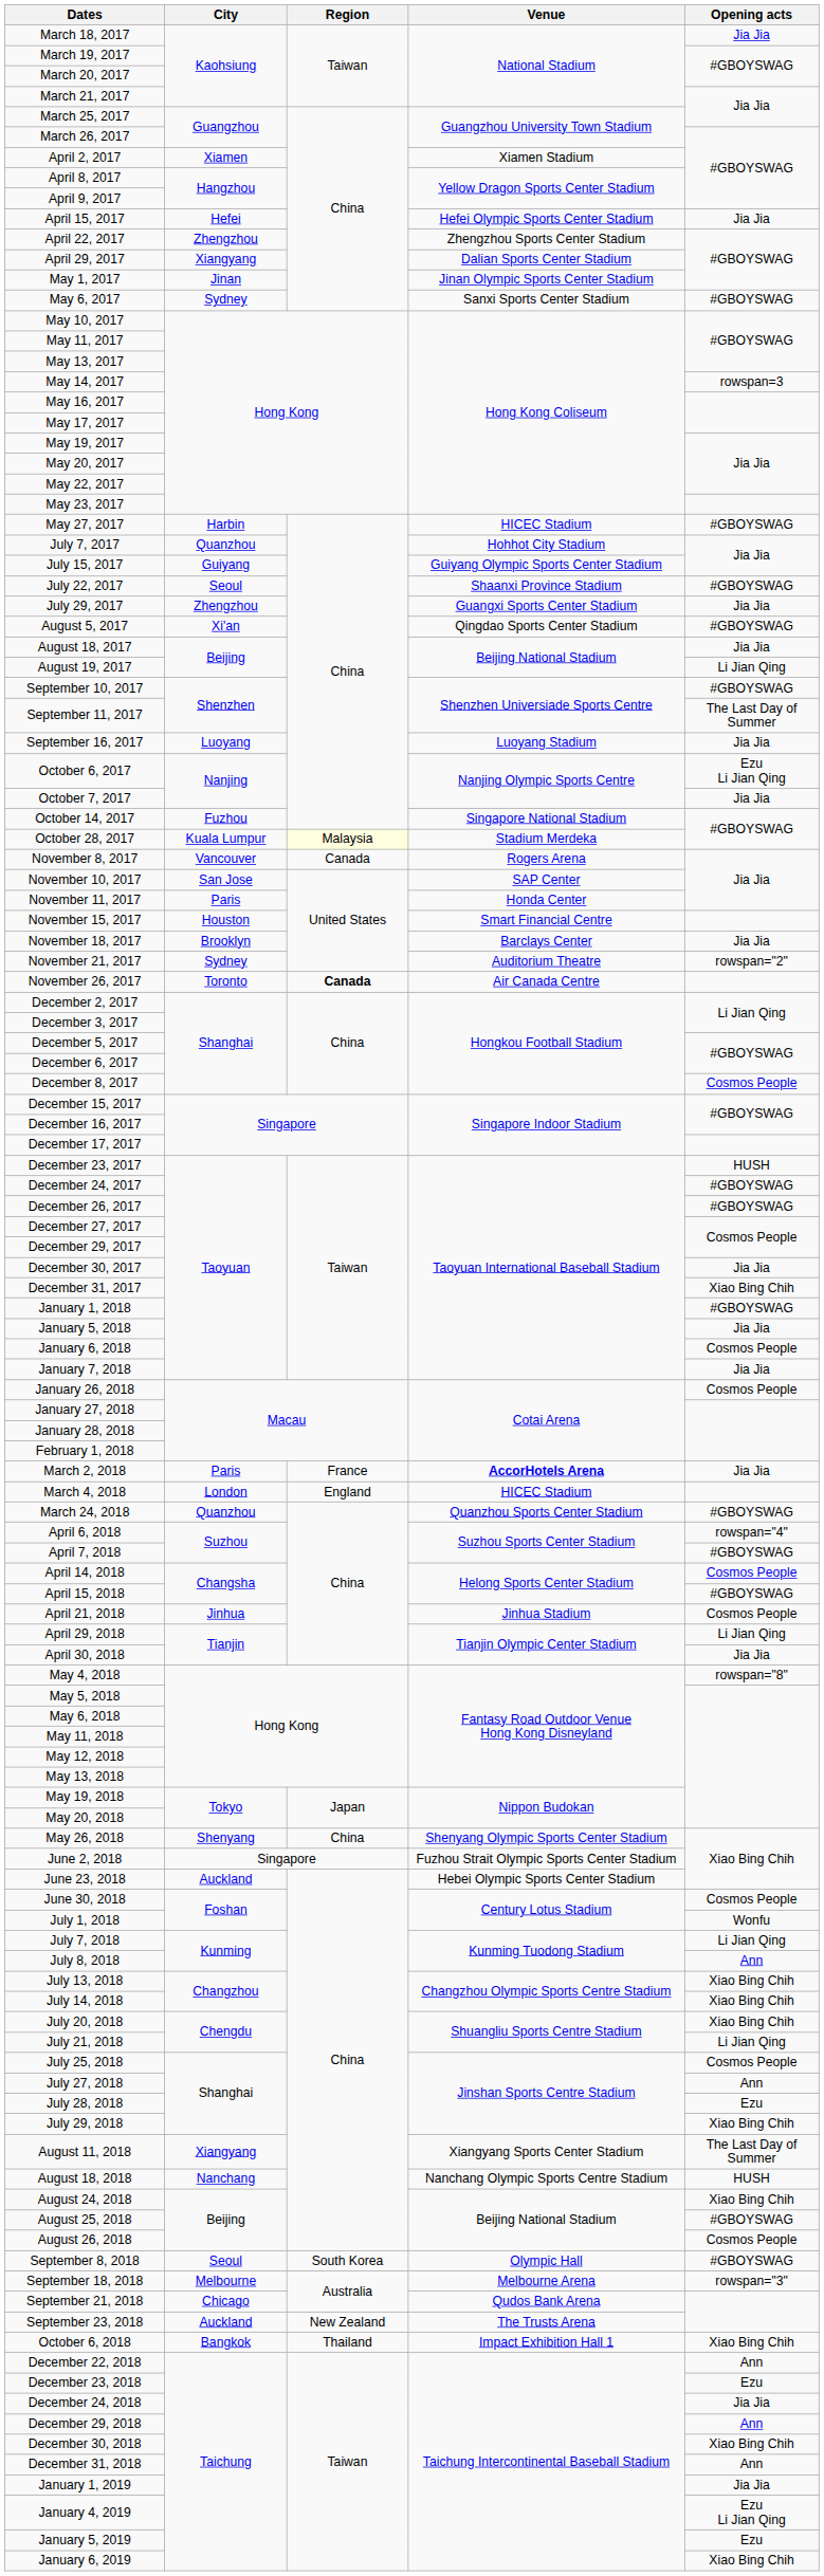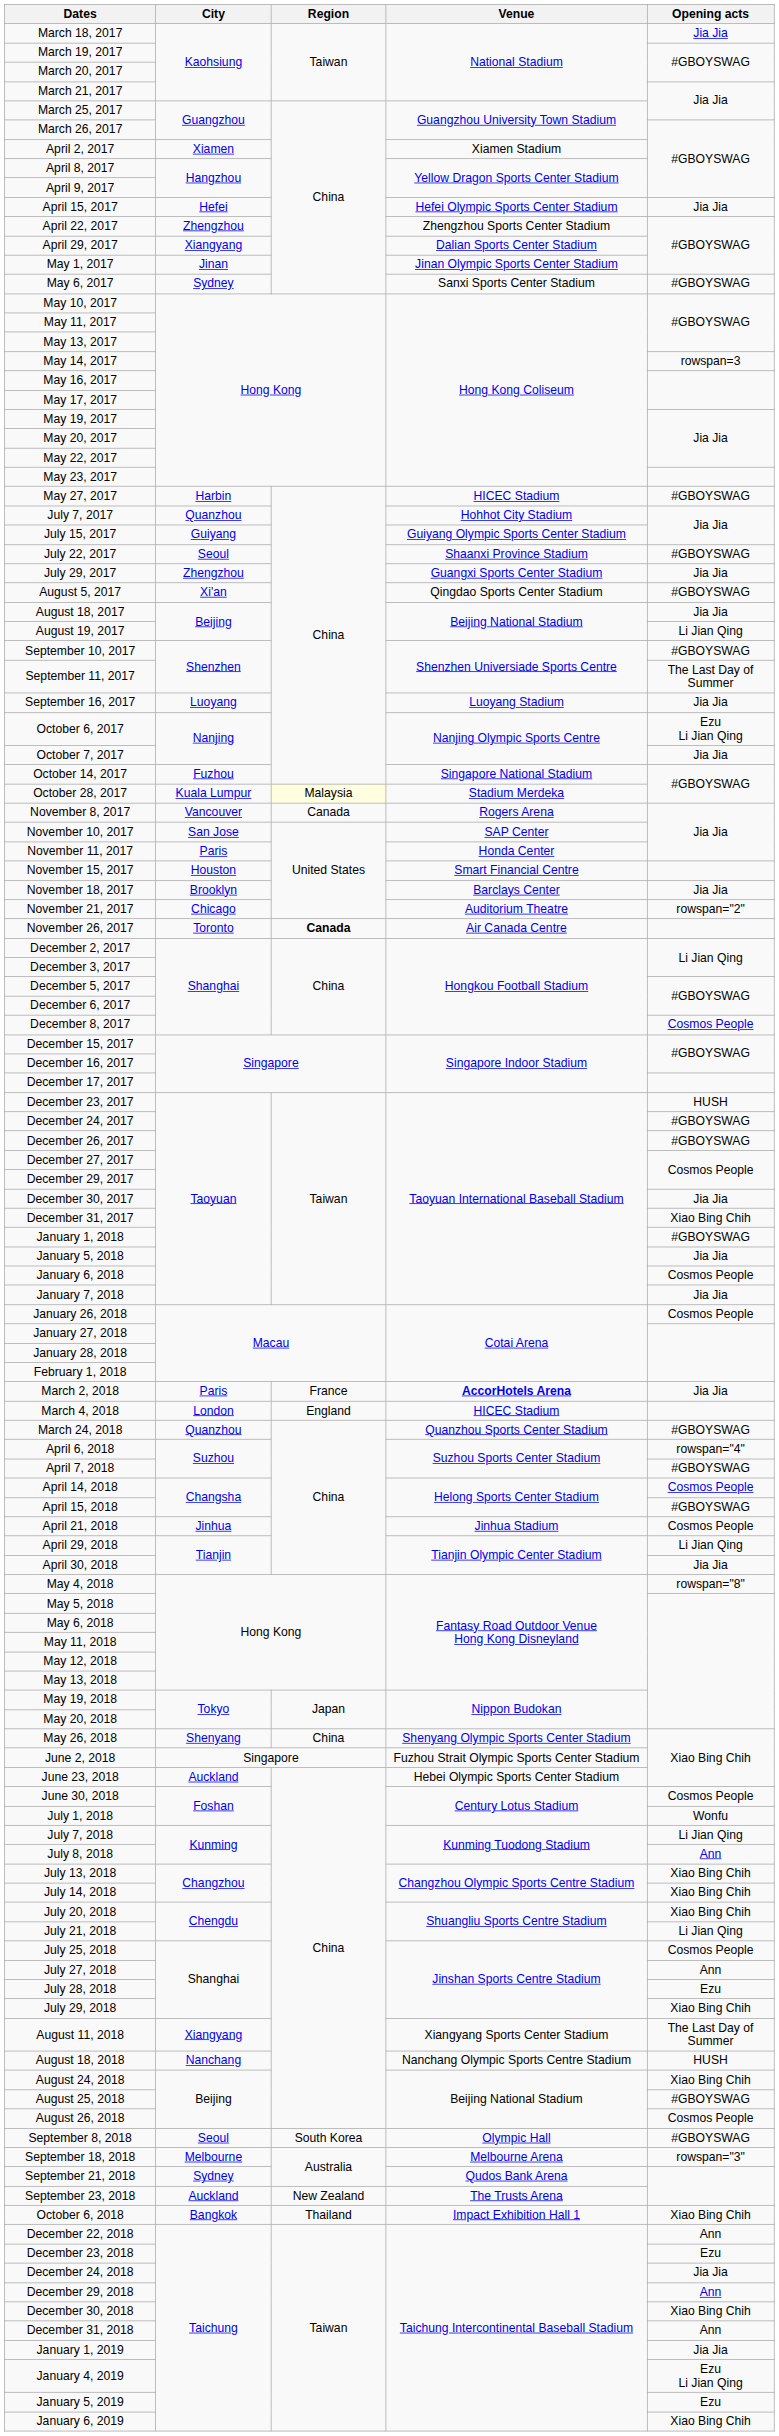 <table class="wikitable" style="text-align:center">
 <tr>
 <th scope="col" style="width:12em;">Dates</th>
 <th scope="col" style="width:9em;">City</th>
 <th scope="col" style="width:9em;">Region</th>
 <th scope="col" style="width:21em;">Venue</th>
 <th scope="col" style="width:10em;">Opening acts</th>
 </tr>
 <tr>
 <td scope="row" style="text-align:center;">March 18, 2017</td>
 <td rowspan="4"><a href='#'>Kaohsiung</a></td>
 <td rowspan="4">Taiwan</td>
 <td rowspan="4"><a href='#'>National Stadium</a></td>
 <td><a href='#'>Jia Jia</a></td>
 </tr>
 <tr>
 <td scope="row" style="text-align:center;">March 19, 2017</td>
 <td rowspan="2">#GBOYSWAG</td>
 </tr>
 <tr>
 <td scope="row" style="text-align:center;">March 20, 2017</td>
 </tr>
 <tr>
 <td scope="row" style="text-align:center;">March 21, 2017</td>
 <td rowspan="2">Jia Jia</td>
 </tr>
 <tr>
 <td scope="row" style="text-align:center;">March 25, 2017</td>
 <td rowspan=2><a href='#'>Guangzhou</a></td>
 <td rowspan="10">China</td>
 <td rowspan=2><a href='#'>Guangzhou University Town Stadium</a></td>
 </tr>
 <tr>
 <td scope="row" style="text-align:center;">March 26, 2017</td>
 <td rowspan=4>#GBOYSWAG</td>
 </tr>
 <tr>
 <td scope="row" style="text-align:center;">April 2, 2017</td>
 <td><a href='#'>Xiamen</a></td>
 <td>Xiamen Stadium</td>
 </tr>
 <tr>
 <td scope="row" style="text-align:center;">April 8, 2017</td>
 <td rowspan=2><a href='#'>Hangzhou</a></td>
 <td rowspan=2><a href='#'>Yellow Dragon Sports Center Stadium</a></td>
 </tr>
 <tr>
 <td scope="row" style="text-align:center;">April 9, 2017</td>
 </tr>
 <tr>
 <td scope="row" style="text-align:center;">April 15, 2017</td>
 <td><a href='#'>Hefei</a></td>
 <td><a href='#'>Hefei Olympic Sports Center Stadium</a></td>
 <td>Jia Jia</td>
 </tr>
 <tr>
 <td scope="row" style="text-align:center;">April 22, 2017</td>
 <td><a href='#'>Zhengzhou</a></td>
 <td>Zhengzhou Sports Center Stadium</td>
 <td rowspan=3>#GBOYSWAG</td>
 </tr>
 <tr>
 <td scope="row" style="text-align:center;">April 29, 2017</td>
 <td><a href='#'>Xiangyang</a></td>
 <td><a href='#'>Dalian Sports Center Stadium</a></td>
 </tr>
 <tr>
 <td scope="row" style="text-align:center;">May 1, 2017</td>
 <td><a href='#'>Jinan</a></td>
 <td><a href='#'>Jinan Olympic Sports Center Stadium</a></td>
 </tr>
 <tr>
 <td scope="row" style="text-align:center;">May 6, 2017</td>
 <td><a href='#'>Sydney</a></td>
 <td>Sanxi Sports Center Stadium</td>
 <td>#GBOYSWAG</td>
 </tr>
 <tr>
 <td scope="row" style="text-align:center;">May 10, 2017</td>
 <td rowspan="10" colspan="2"><a href='#'>Hong Kong</a></td>
 <td rowspan=10><a href='#'>Hong Kong Coliseum</a></td>
 <td rowspan=3>#GBOYSWAG</td>
 </tr>
 <tr>
 <td scope="row" style="text-align:center;">May 11, 2017</td>
 </tr>
 <tr>
 <td scope="row" style="text-align:center;">May 13, 2017</td>
 </tr>
 <tr>
 <td scope="row" style="text-align:center;">May 14, 2017</td>
 <td>rowspan=3 </td>
 </tr>
 <tr>
 <td scope="row" style="text-align:center;">May 16, 2017</td>
 </tr>
 <tr>
 <td scope="row" style="text-align:center;">May 17, 2017</td>
 </tr>
 <tr>
 <td scope="row" style="text-align:center;">May 19, 2017</td>
 <td rowspan=3>Jia Jia</td>
 </tr>
 <tr>
 <td scope="row" style="text-align:center;">May 20, 2017</td>
 </tr>
 <tr>
 <td scope="row" style="text-align:center;">May 22, 2017</td>
 </tr>
 <tr>
 <td scope="row" style="text-align:center;">May 23, 2017</td>
 <td></td>
 </tr>
 <tr>
 <td scope="row" style="text-align:center;">May 27, 2017</td>
 <td><a href='#'>Harbin</a></td>
 <td rowspan=14>China</td>
 <td><a href='#'>HICEC Stadium</a></td>
 <td>#GBOYSWAG</td>
 </tr>
 <tr>
 <td scope="row" style="text-align:center;">July 7, 2017</td>
 <td><a href='#'>Quanzhou</a></td>
 <td><a href='#'>Hohhot City Stadium</a></td>
 <td rowspan=2>Jia Jia</td>
 </tr>
 <tr>
 <td scope="row" style="text-align:center;">July 15, 2017</td>
 <td><a href='#'>Guiyang</a></td>
 <td><a href='#'>Guiyang Olympic Sports Center Stadium</a></td>
 </tr>
 <tr>
 <td scope="row" style="text-align:center;">July 22, 2017</td>
 <td><a href='#'>Seoul</a></td>
 <td><a href='#'>Shaanxi Province Stadium</a></td>
 <td>#GBOYSWAG</td>
 </tr>
 <tr>
 <td scope="row" style="text-align:center;">July 29, 2017</td>
 <td><a href='#'>Zhengzhou</a></td>
 <td><a href='#'>Guangxi Sports Center Stadium</a></td>
 <td>Jia Jia</td>
 </tr>
 <tr>
 <td scope="row" style="text-align:center;">August 5, 2017</td>
 <td><a href='#'>Xi'an</a></td>
 <td>Qingdao Sports Center Stadium</td>
 <td>#GBOYSWAG</td>
 </tr>
 <tr>
 <td scope="row" style="text-align:center;">August 18, 2017</td>
 <td rowspan=2><a href='#'>Beijing</a></td>
 <td rowspan=2><a href='#'>Beijing National Stadium</a></td>
 <td>Jia Jia</td>
 </tr>
 <tr>
 <td scope="row" style="text-align:center;">August 19, 2017</td>
 <td>Li Jian Qing</td>
 </tr>
 <tr>
 <td scope="row" style="text-align:center;">September 10, 2017</td>
 <td rowspan=2><a href='#'>Shenzhen</a></td>
 <td rowspan=2><a href='#'>Shenzhen Universiade Sports Centre</a></td>
 <td>#GBOYSWAG</td>
 </tr>
 <tr>
 <td scope="row" style="text-align:center;">September 11, 2017</td>
 <td>The Last Day of Summer</td>
 </tr>
 <tr>
 <td scope="row" style="text-align:center;">September 16, 2017</td>
 <td><a href='#'>Luoyang</a></td>
 <td><a href='#'>Luoyang Stadium</a></td>
 <td>Jia Jia</td>
 </tr>
 <tr>
 <td scope="row" style="text-align:center;">October 6, 2017</td>
 <td rowspan=2><a href='#'>Nanjing</a></td>
 <td rowspan=2><a href='#'>Nanjing Olympic Sports Centre</a></td>
 <td>Ezu<br>Li Jian Qing</td>
 </tr>
 <tr>
 <td scope="row" style="text-align:center;">October 7, 2017</td>
 <td>Jia Jia</td>
 </tr>
 <tr>
 <td scope="row" style="text-align:center;">October 14, 2017</td>
 <td><a href='#'>Fuzhou</a></td>
 <td><a href='#'>Singapore National Stadium</a></td>
 <td rowspan="2">#GBOYSWAG</td>
 </tr>
 <tr>
 <td scope="row" style="text-align:center;">October 28, 2017</td>
 <td><a href='#'>Kuala Lumpur</a></td>
 <td style="background: lightyellow;">Malaysia</td>
 <td><a href='#'>Stadium Merdeka</a></td>
 </tr>
 <tr>
 <td scope="row" style="text-align:center;">November 8, 2017</td>
 <td><a href='#'>Vancouver</a></td>
 <td>Canada</td>
 <td><a href='#'>Rogers Arena</a></td>
 <td rowspan="3">Jia Jia</td>
 </tr>
 <tr>
 <td scope="row" style="text-align:center;">November 10, 2017</td>
 <td><a href='#'>San Jose</a></td>
 <td rowspan="5">United States</td>
 <td><a href='#'>SAP Center</a></td>
 </tr>
 <tr>
 <td scope="row" style="text-align:center;">November 11, 2017</td>
 <td><a href='#'>Paris</a></td>
 <td><a href='#'>Honda Center</a></td>
 </tr>
 <tr>
 <td scope="row" style="text-align:center;">November 15, 2017</td>
 <td><a href='#'>Houston</a></td>
 <td><a href='#'>Smart Financial Centre</a></td>
 <td></td>
 </tr>
 <tr>
 <td scope="row" style="text-align:center;">November 18, 2017</td>
 <td><a href='#'>Brooklyn</a></td>
 <td><a href='#'>Barclays Center</a></td>
 <td>Jia Jia</td>
 </tr>
 <tr>
 <td scope="row" style="text-align:center;">November 21, 2017</td>
-<td><a href='#'>Sydney</a></td>
+<td><a href='#'>Chicago</a></td>
 <td><a href='#'>Auditorium Theatre</a></td>
 <td>rowspan="2" </td>
 </tr>
 <tr>
 <td scope="row" style="text-align:center;">November 26, 2017</td>
 <td><a href='#'>Toronto</a></td>
 <td><strong>Canada</strong></td>
 <td><a href='#'>Air Canada Centre</a></td>
 </tr>
 <tr>
 <td scope="row" style="text-align:center;">December 2, 2017</td>
 <td rowspan="5"><a href='#'>Shanghai</a></td>
 <td rowspan="5">China</td>
 <td rowspan="5"><a href='#'>Hongkou Football Stadium</a></td>
 <td rowspan="2">Li Jian Qing</td>
 </tr>
 <tr>
 <td scope="row" style="text-align:center;">December 3, 2017</td>
 </tr>
 <tr>
 <td scope="row" style="text-align:center;">December 5, 2017</td>
 <td rowspan="2">#GBOYSWAG</td>
 </tr>
 <tr>
 <td scope="row" style="text-align:center;">December 6, 2017</td>
 </tr>
 <tr>
 <td scope="row" style="text-align:center;">December 8, 2017</td>
 <td><a href='#'>Cosmos People</a></td>
 </tr>
 <tr>
 <td scope="row" style="text-align:center;">December 15, 2017</td>
 <td rowspan="3" colspan="2"><a href='#'>Singapore</a></td>
 <td rowspan=3><a href='#'>Singapore Indoor Stadium</a></td>
 <td rowspan="2">#GBOYSWAG</td>
 </tr>
 <tr>
 <td scope="row" style="text-align:center;">December 16, 2017</td>
 </tr>
 <tr>
 <td scope="row" style="text-align:center;">December 17, 2017</td>
 <td></td>
 </tr>
 <tr>
 <td scope="row" style="text-align:center;">December 23, 2017</td>
 <td rowspan="11"><a href='#'>Taoyuan</a></td>
 <td rowspan="11">Taiwan</td>
 <td rowspan="11"><a href='#'>Taoyuan International Baseball Stadium</a></td>
 <td>HUSH</td>
 </tr>
 <tr>
 <td scope="row" style="text-align:center;">December 24, 2017</td>
 <td>#GBOYSWAG</td>
 </tr>
 <tr>
 <td scope="row" style="text-align:center;">December 26, 2017</td>
 <td>#GBOYSWAG</td>
 </tr>
 <tr>
 <td scope="row" style="text-align:center;">December 27, 2017</td>
 <td rowspan="2">Cosmos People</td>
 </tr>
 <tr>
 <td scope="row" style="text-align:center;">December 29, 2017</td>
 </tr>
 <tr>
 <td scope="row" style="text-align:center;">December 30, 2017</td>
 <td>Jia Jia</td>
 </tr>
 <tr>
 <td scope="row" style="text-align:center;">December 31, 2017</td>
 <td>Xiao Bing Chih</td>
 </tr>
 <tr>
 <td scope="row" style="text-align:center;">January 1, 2018</td>
 <td>#GBOYSWAG</td>
 </tr>
 <tr>
 <td scope="row" style="text-align:center;">January 5, 2018</td>
 <td>Jia Jia</td>
 </tr>
 <tr>
 <td scope="row" style="text-align:center;">January 6, 2018</td>
 <td>Cosmos People</td>
 </tr>
 <tr>
 <td scope="row" style="text-align:center;">January 7, 2018</td>
 <td>Jia Jia</td>
 </tr>
 <tr>
 <td scope="row" style="text-align:center;">January 26, 2018</td>
 <td rowspan="4" colspan="2"><a href='#'>Macau</a></td>
 <td rowspan="4"><a href='#'>Cotai Arena</a></td>
 <td>Cosmos People</td>
 </tr>
 <tr>
 <td scope="row" style="text-align:center;">January 27, 2018</td>
 </tr>
 <tr>
 <td scope="row" style="text-align:center;">January 28, 2018</td>
 </tr>
 <tr>
 <td scope="row" style="text-align:center;">February 1, 2018</td>
 </tr>
 <tr>
 <td scope="row" style="text-align:center;">March 2, 2018</td>
 <td><a href='#'>Paris</a></td>
 <td>France</td>
 <td><strong><a href='#'>AccorHotels Arena</a></strong></td>
 <td>Jia Jia</td>
 </tr>
 <tr>
 <td scope="row" style="text-align:center;">March 4, 2018</td>
 <td><a href='#'>London</a></td>
 <td>England</td>
 <td><a href='#'>HICEC Stadium</a></td>
 </tr>
 <tr>
 <td scope="row" style="text-align:center;">March 24, 2018</td>
 <td><a href='#'>Quanzhou</a></td>
 <td rowspan="8">China</td>
 <td><a href='#'>Quanzhou Sports Center Stadium</a></td>
 <td>#GBOYSWAG</td>
 </tr>
 <tr>
 <td scope="row" style="text-align:center;">April 6, 2018</td>
 <td rowspan="2"><a href='#'>Suzhou</a></td>
 <td rowspan="2"><a href='#'>Suzhou Sports Center Stadium</a></td>
 <td>rowspan="4" </td>
 </tr>
 <tr>
 <td scope="row" style="text-align:center;">April 7, 2018</td>
 <td>#GBOYSWAG</td>
 </tr>
 <tr>
 <td scope="row" style="text-align:center;">April 14, 2018</td>
 <td rowspan="2"><a href='#'>Changsha</a></td>
 <td rowspan="2"><a href='#'>Helong Sports Center Stadium</a></td>
 <td><a href='#'>Cosmos People</a></td>
 </tr>
 <tr>
 <td scope="row" style="text-align:center;">April 15, 2018</td>
 <td>#GBOYSWAG</td>
 </tr>
 <tr>
 <td scope="row" style="text-align:center;">April 21, 2018</td>
 <td><a href='#'>Jinhua</a></td>
 <td><a href='#'>Jinhua Stadium</a></td>
 <td>Cosmos People</td>
 </tr>
 <tr>
 <td scope="row" style="text-align:center;">April 29, 2018</td>
 <td rowspan="2"><a href='#'>Tianjin</a></td>
 <td rowspan="2"><a href='#'>Tianjin Olympic Center Stadium</a></td>
 <td>Li Jian Qing</td>
 </tr>
 <tr>
 <td scope="row" style="text-align:center;">April 30, 2018</td>
 <td>Jia Jia</td>
 </tr>
 <tr>
 <td scope="row" style="text-align:center;">May 4, 2018</td>
 <td colspan="2" rowspan="6">Hong Kong</td>
 <td rowspan="6"><a href='#'>Fantasy Road Outdoor Venue<br>Hong Kong Disneyland</a></td>
 <td>rowspan="8" </td>
 </tr>
 <tr>
 <td scope="row" style="text-align:center;">May 5, 2018</td>
 </tr>
 <tr>
 <td scope="row" style="text-align:center;">May 6, 2018</td>
 </tr>
 <tr>
 <td scope="row" style="text-align:center;">May 11, 2018</td>
 </tr>
 <tr>
 <td scope="row" style="text-align:center;">May 12, 2018</td>
 </tr>
 <tr>
 <td scope="row" style="text-align:center;">May 13, 2018</td>
 </tr>
 <tr>
 <td scope="row" style="text-align:center;">May 19, 2018</td>
 <td rowspan="2"><a href='#'>Tokyo</a></td>
 <td rowspan="2">Japan</td>
 <td rowspan="2"><a href='#'>Nippon Budokan</a></td>
 </tr>
 <tr>
 <td scope="row" style="text-align:center;">May 20, 2018</td>
 </tr>
 <tr>
 <td scope="row" style="text-align:center;">May 26, 2018</td>
 <td><a href='#'>Shenyang</a></td>
 <td>China</td>
 <td><a href='#'>Shenyang Olympic Sports Center Stadium</a></td>
 <td rowspan="3">Xiao Bing Chih</td>
 </tr>
 <tr>
 <td scope="row" style="text-align:center;">June 2, 2018</td>
 <td colspan="2">Singapore</td>
 <td>Fuzhou Strait Olympic Sports Center Stadium</td>
 </tr>
 <tr>
 <td scope="row" style="text-align:center;">June 23, 2018</td>
 <td><a href='#'>Auckland</a></td>
 <td rowspan="18">China</td>
 <td>Hebei Olympic Sports Center Stadium</td>
 </tr>
 <tr>
 <td scope="row" style="text-align:center;">June 30, 2018</td>
 <td rowspan="2"><a href='#'>Foshan</a></td>
 <td rowspan="2"><a href='#'>Century Lotus Stadium</a></td>
 <td>Cosmos People</td>
 </tr>
 <tr>
 <td scope="row" style="text-align:center;">July 1, 2018</td>
 <td>Wonfu</td>
 </tr>
 <tr>
 <td scope="row" style="text-align:center;">July 7, 2018</td>
 <td rowspan="2"><a href='#'>Kunming</a></td>
 <td rowspan="2"><a href='#'>Kunming Tuodong Stadium</a></td>
 <td>Li Jian Qing</td>
 </tr>
 <tr>
 <td scope="row" style="text-align:center;">July 8, 2018</td>
 <td><a href='#'>Ann</a></td>
 </tr>
 <tr>
 <td scope="row" style="text-align:center;">July 13, 2018</td>
 <td rowspan="2"><a href='#'>Changzhou</a></td>
 <td rowspan="2"><a href='#'>Changzhou Olympic Sports Centre Stadium</a></td>
 <td>Xiao Bing Chih</td>
 </tr>
 <tr>
 <td scope="row" style="text-align:center;">July 14, 2018</td>
 <td>Xiao Bing Chih</td>
 </tr>
 <tr>
 <td scope="row" style="text-align:center;">July 20, 2018</td>
 <td rowspan="2"><a href='#'>Chengdu</a></td>
 <td rowspan="2"><a href='#'>Shuangliu Sports Centre Stadium</a></td>
 <td>Xiao Bing Chih</td>
 </tr>
 <tr>
 <td scope="row" style="text-align:center;">July 21, 2018</td>
 <td>Li Jian Qing</td>
 </tr>
 <tr>
 <td scope="row" style="text-align:center;">July 25, 2018</td>
 <td rowspan="4">Shanghai</td>
 <td rowspan="4"><a href='#'>Jinshan Sports Centre Stadium</a></td>
 <td>Cosmos People</td>
 </tr>
 <tr>
 <td scope="row" style="text-align:center;">July 27, 2018</td>
 <td>Ann</td>
 </tr>
 <tr>
 <td scope="row" style="text-align:center;">July 28, 2018</td>
 <td>Ezu</td>
 </tr>
 <tr>
 <td scope="row" style="text-align:center;">July 29, 2018</td>
 <td>Xiao Bing Chih</td>
 </tr>
 <tr>
 <td scope="row" style="text-align:center;">August 11, 2018</td>
 <td><a href='#'>Xiangyang</a></td>
 <td>Xiangyang Sports Center Stadium</td>
 <td>The Last Day of Summer</td>
 </tr>
 <tr>
 <td scope="row" style="text-align:center;">August 18, 2018</td>
 <td><a href='#'>Nanchang</a></td>
 <td>Nanchang Olympic Sports Centre Stadium</td>
 <td>HUSH</td>
 </tr>
 <tr>
 <td scope="row" style="text-align:center;">August 24, 2018</td>
 <td rowspan="3">Beijing</td>
 <td rowspan="3">Beijing National Stadium</td>
 <td>Xiao Bing Chih</td>
 </tr>
 <tr>
 <td scope="row" style="text-align:center;">August 25, 2018</td>
 <td>#GBOYSWAG</td>
 </tr>
 <tr>
 <td scope="row" style="text-align:center;">August 26, 2018</td>
 <td>Cosmos People</td>
 </tr>
 <tr>
 <td scope="row" style="text-align:center;">September 8, 2018</td>
 <td><a href='#'>Seoul</a></td>
 <td>South Korea</td>
 <td><a href='#'>Olympic Hall</a></td>
 <td>#GBOYSWAG</td>
 </tr>
 <tr>
 <td scope="row" style="text-align:center;">September 18, 2018</td>
 <td><a href='#'>Melbourne</a></td>
 <td rowspan="2">Australia</td>
 <td><a href='#'>Melbourne Arena</a></td>
 <td>rowspan="3" </td>
 </tr>
 <tr>
 <td scope="row" style="text-align:center;">September 21, 2018</td>
-<td><a href='#'>Chicago</a></td>
+<td><a href='#'>Sydney</a></td>
 <td><a href='#'>Qudos Bank Arena</a></td>
 </tr>
 <tr>
 <td scope="row" style="text-align:center;">September 23, 2018</td>
 <td><a href='#'>Auckland</a></td>
 <td>New Zealand</td>
 <td><a href='#'>The Trusts Arena</a></td>
 </tr>
 <tr>
 <td scope="row" style="text-align:center;">October 6, 2018</td>
 <td><a href='#'>Bangkok</a></td>
 <td>Thailand</td>
 <td><a href='#'>Impact Exhibition Hall 1</a></td>
 <td>Xiao Bing Chih</td>
 </tr>
 <tr>
 <td scope="row" style="text-align:center;">December 22, 2018</td>
 <td rowspan="10"><a href='#'>Taichung</a></td>
 <td rowspan="10">Taiwan</td>
 <td rowspan="10"><a href='#'>Taichung Intercontinental Baseball Stadium</a></td>
 <td>Ann</td>
 </tr>
 <tr>
 <td scope="row" style="text-align:center;">December 23, 2018</td>
 <td>Ezu</td>
 </tr>
 <tr>
 <td scope="row" style="text-align:center;">December 24, 2018</td>
 <td>Jia Jia</td>
 </tr>
 <tr>
 <td scope="row" style="text-align:center;">December 29, 2018</td>
 <td><a href='#'>Ann</a></td>
 </tr>
 <tr>
 <td scope="row" style="text-align:center;">December 30, 2018</td>
 <td>Xiao Bing Chih</td>
 </tr>
 <tr>
 <td scope="row" style="text-align:center;">December 31, 2018</td>
 <td>Ann</td>
 </tr>
 <tr>
 <td scope="row" style="text-align:center;">January 1, 2019</td>
 <td>Jia Jia</td>
 </tr>
 <tr>
 <td scope="row" style="text-align:center;">January 4, 2019</td>
 <td>Ezu<br>Li Jian Qing</td>
 </tr>
 <tr>
 <td scope="row" style="text-align:center;">January 5, 2019</td>
 <td>Ezu</td>
 </tr>
 <tr>
 <td scope="row" style="text-align:center;">January 6, 2019</td>
 <td>Xiao Bing Chih</td>
 </tr>
 </table>
